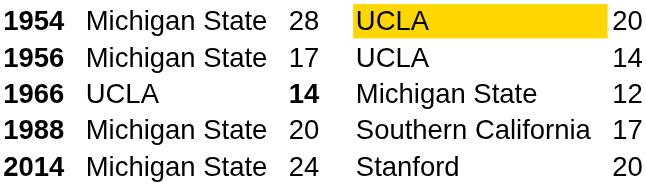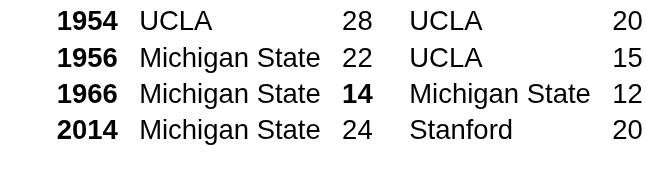 <table class="toccolours" style="float:right; margin-right: 1em; font-size: 85%;" cellspacing="1">
 <tr>
 <th colspan="5" style="text-align: center; "></th>
 </tr>
 <tr>
 <td><strong>1954</strong>  </td>
-<td>Michigan State  </td>
+<td>UCLA  </td>
 <td>28    </td>
-<td style="background: gold;">UCLA  </td>
+<td>UCLA  </td>
 <td>20</td>
 </tr>
 <tr>
 <td><strong>1956</strong>  </td>
 <td>Michigan State  </td>
-<td>17    </td>
+<td>22    </td>
 <td>UCLA  </td>
-<td>14</td>
+<td>15</td>
 </tr>
 <tr>
 <td><strong>1966</strong>  </td>
-<td>UCLA  </td>
+<td>Michigan State  </td>
 <td><strong>14    </strong></td>
 <td>Michigan State  </td>
 <td>12</td>
-</tr>
-<tr>
-<td><strong>1988</strong>  </td>
-<td>Michigan State  </td>
-<td>20    </td>
-<td>Southern California  </td>
-<td>17</td>
 </tr>
 <tr>
 <td><strong>2014</strong>  </td>
 <td>Michigan State  </td>
 <td>24    </td>
 <td>Stanford  </td>
 <td>20</td>
 </tr>
 </table>
